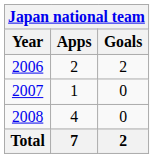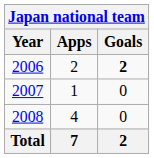 <table class="wikitable" style="text-align:center">
 <tr>
 <th colspan=3><a href='#'>Japan national team</a></th>
 </tr>
 <tr>
 <th>Year</th>
 <th>Apps</th>
 <th>Goals</th>
 </tr>
 <tr>
 <td><a href='#'>2006</a></td>
 <td>2</td>
-<td>2</td>
+<td><strong>2</strong></td>
 </tr>
 <tr>
 <td><a href='#'>2007</a></td>
 <td>1</td>
 <td>0</td>
 </tr>
 <tr>
 <td><a href='#'>2008</a></td>
 <td>4</td>
 <td>0</td>
 </tr>
 <tr>
 <th>Total</th>
 <th>7</th>
 <th>2</th>
 </tr>
 </table>
